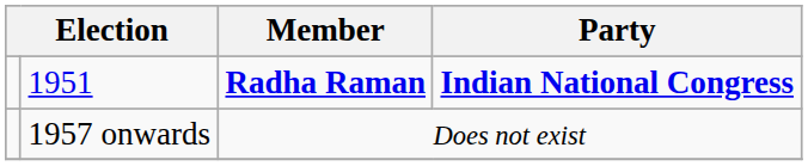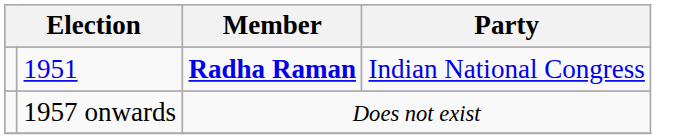 <table class="wikitable">
 <tr>
 <th colspan="2">Election</th>
 <th>Member</th>
 <th>Party</th>
 </tr>
 <tr>
 <td style="background-color: "></td>
 <td><a href='#'>1951</a></td>
 <td><strong><a href='#'>Radha Raman</a></strong></td>
-<td><strong><a href='#'>Indian National Congress</a></strong></td>
+<td><a href='#'>Indian National Congress</a></td>
 </tr>
 <tr>
 <td style="background-color:"></td>
 <td>1957 onwards</td>
 <td colspan=2 align=center><small><em>Does not exist</em></small></td>
 </tr>
 <tr>
 </tr>
 </table>
